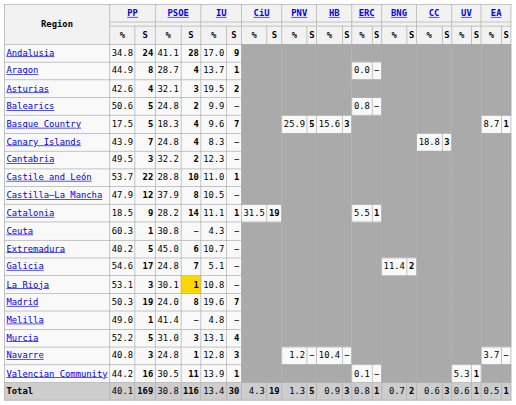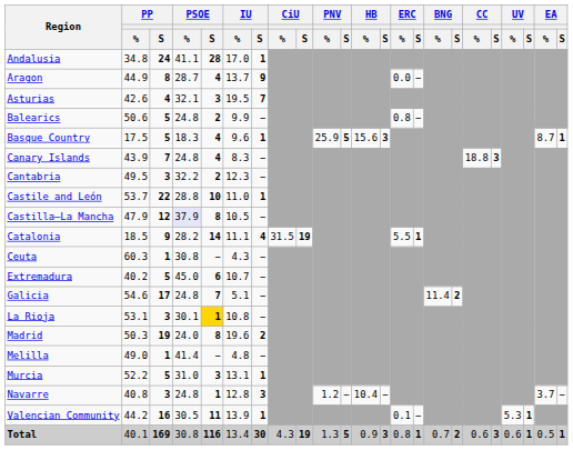 <table class="wikitable sortable" style="text-align:right; line-height:20px">
 <tr>
 <th rowspan="3">Region</th>
 <th colspan="2" width="30px" class="unsortable"><a href='#'>PP</a></th>
 <th colspan="2" width="30px" class="unsortable"><a href='#'>PSOE</a></th>
 <th colspan="2" width="30px" class="unsortable"><a href='#'>IU</a></th>
 <th colspan="2" width="30px" class="unsortable"><a href='#'>CiU</a></th>
 <th colspan="2" width="30px" class="unsortable"><a href='#'>PNV</a></th>
 <th colspan="2" width="30px" class="unsortable"><a href='#'>HB</a></th>
 <th colspan="2" width="30px" class="unsortable"><a href='#'>ERC</a></th>
 <th colspan="2" width="30px" class="unsortable"><a href='#'>BNG</a></th>
 <th colspan="2" width="30px" class="unsortable"><a href='#'>CC</a></th>
 <th colspan="2" width="30px" class="unsortable"><a href='#'>UV</a></th>
 <th colspan="2" width="30px" class="unsortable"><a href='#'>EA</a></th>
 </tr>
 <tr>
 <th colspan="2" style="background:"></th>
 <th colspan="2" style="background:"></th>
 <th colspan="2" style="background:"></th>
 <th colspan="2" style="background:"></th>
 <th colspan="2" style="background:"></th>
 <th colspan="2" style="background:"></th>
 <th colspan="2" style="background:"></th>
 <th colspan="2" style="background:"></th>
 <th colspan="2" style="background:"></th>
 <th colspan="2" style="background:"></th>
 <th colspan="2" style="background:"></th>
 </tr>
 <tr>
 <th data-sort-type="number">%</th>
 <th data-sort-type="number">S</th>
 <th data-sort-type="number">%</th>
 <th data-sort-type="number">S</th>
 <th data-sort-type="number">%</th>
 <th data-sort-type="number">S</th>
 <th data-sort-type="number">%</th>
 <th data-sort-type="number">S</th>
 <th data-sort-type="number">%</th>
 <th data-sort-type="number">S</th>
 <th data-sort-type="number">%</th>
 <th data-sort-type="number">S</th>
 <th data-sort-type="number">%</th>
 <th data-sort-type="number">S</th>
 <th data-sort-type="number">%</th>
 <th data-sort-type="number">S</th>
 <th data-sort-type="number">%</th>
 <th data-sort-type="number">S</th>
 <th data-sort-type="number">%</th>
 <th data-sort-type="number">S</th>
 <th data-sort-type="number">%</th>
 <th data-sort-type="number">S</th>
 </tr>
 <tr>
 <td align="left"><a href='#'>Andalusia</a></td>
 <td>34.8</td>
 <td><strong>24</strong></td>
 <td style="background:">41.1</td>
 <td><strong>28</strong></td>
 <td>17.0</td>
-<td><strong>9</strong></td>
+<td><strong>1</strong></td>
 <td colspan="2" rowspan="9" bgcolor="#AAAAAA"></td>
 <td colspan="2" rowspan="4" bgcolor="#AAAAAA"></td>
 <td colspan="2" rowspan="4" bgcolor="#AAAAAA"></td>
 <td colspan="2" bgcolor="#AAAAAA"></td>
 <td colspan="2" rowspan="12" bgcolor="#AAAAAA"></td>
 <td colspan="2" rowspan="5" bgcolor="#AAAAAA"></td>
 <td colspan="2" rowspan="18" bgcolor="#AAAAAA"></td>
 <td colspan="2" rowspan="4" bgcolor="#AAAAAA"></td>
 </tr>
 <tr>
 <td align="left"><a href='#'>Aragon</a></td>
 <td style="background:">44.9</td>
 <td><strong>8</strong></td>
 <td>28.7</td>
 <td><strong>4</strong></td>
 <td>13.7</td>
-<td><strong>1</strong></td>
+<td><strong>9</strong></td>
 <td>0.0</td>
 <td>−</td>
 </tr>
 <tr>
 <td align="left"><a href='#'>Asturias</a></td>
 <td style="background:">42.6</td>
 <td><strong>4</strong></td>
 <td>32.1</td>
 <td><strong>3</strong></td>
 <td>19.5</td>
-<td><strong>2</strong></td>
+<td><strong>7</strong></td>
 <td colspan="2" bgcolor="#AAAAAA"></td>
 </tr>
 <tr>
 <td align="left"><a href='#'>Balearics</a></td>
 <td style="background:">50.6</td>
 <td><strong>5</strong></td>
 <td>24.8</td>
 <td><strong>2</strong></td>
 <td>9.9</td>
 <td>−</td>
 <td>0.8</td>
 <td>−</td>
 </tr>
 <tr>
 <td align="left"><a href='#'>Basque Country</a></td>
 <td>17.5</td>
 <td><strong>5</strong></td>
 <td>18.3</td>
 <td><strong>4</strong></td>
 <td>9.6</td>
-<td><strong>7</strong></td>
+<td><strong>1</strong></td>
 <td style="background:">25.9</td>
 <td><strong>5</strong></td>
 <td>15.6</td>
 <td><strong>3</strong></td>
 <td colspan="2" rowspan="5" bgcolor="#AAAAAA"></td>
 <td>8.7</td>
 <td><strong>1</strong></td>
 </tr>
 <tr>
 <td align="left"><a href='#'>Canary Islands</a></td>
 <td style="background:">43.9</td>
 <td><strong>7</strong></td>
 <td>24.8</td>
 <td><strong>4</strong></td>
 <td>8.3</td>
 <td>−</td>
 <td colspan="2" rowspan="12" bgcolor="#AAAAAA"></td>
 <td colspan="2" rowspan="12" bgcolor="#AAAAAA"></td>
 <td>18.8</td>
 <td><strong>3</strong></td>
 <td colspan="2" rowspan="12" bgcolor="#AAAAAA"></td>
 </tr>
 <tr>
 <td align="left"><a href='#'>Cantabria</a></td>
 <td style="background:">49.5</td>
 <td><strong>3</strong></td>
 <td>32.2</td>
 <td><strong>2</strong></td>
 <td>12.3</td>
 <td>−</td>
 <td colspan="2" rowspan="13" bgcolor="#AAAAAA"></td>
 </tr>
 <tr>
 <td align="left"><a href='#'>Castile and León</a></td>
 <td style="background:">53.7</td>
 <td><strong>22</strong></td>
 <td>28.8</td>
 <td><strong>10</strong></td>
 <td>11.0</td>
 <td><strong>1</strong></td>
 </tr>
 <tr>
 <td align="left"><a href='#'>Castilla–La Mancha</a></td>
 <td style="background:">47.9</td>
 <td><strong>12</strong></td>
-<td>37.9</td>
+<td style="background: lavender;">37.9</td>
 <td><strong>8</strong></td>
 <td>10.5</td>
 <td>−</td>
 </tr>
 <tr>
 <td align="left"><a href='#'>Catalonia</a></td>
 <td>18.5</td>
 <td><strong>9</strong></td>
 <td>28.2</td>
 <td><strong>14</strong></td>
 <td>11.1</td>
-<td><strong>1</strong></td>
+<td><strong>4</strong></td>
 <td style="background:">31.5</td>
 <td><strong>19</strong></td>
 <td>5.5</td>
 <td><strong>1</strong></td>
 </tr>
 <tr>
 <td align="left"><a href='#'>Ceuta</a></td>
 <td style="background:">60.3</td>
 <td><strong>1</strong></td>
 <td>30.8</td>
 <td>−</td>
 <td>4.3</td>
 <td>−</td>
 <td colspan="2" rowspan="9" bgcolor="#AAAAAA"></td>
 <td colspan="2" rowspan="8" bgcolor="#AAAAAA"></td>
 </tr>
 <tr>
 <td align="left"><a href='#'>Extremadura</a></td>
 <td>40.2</td>
 <td><strong>5</strong></td>
 <td style="background:">45.0</td>
 <td><strong>6</strong></td>
 <td>10.7</td>
 <td>−</td>
 </tr>
 <tr>
 <td align="left"><a href='#'>Galicia</a></td>
 <td style="background:">54.6</td>
 <td><strong>17</strong></td>
 <td>24.8</td>
 <td><strong>7</strong></td>
 <td>5.1</td>
 <td>−</td>
 <td>11.4</td>
 <td><strong>2</strong></td>
 </tr>
 <tr>
 <td align="left"><a href='#'>La Rioja</a></td>
 <td style="background:">53.1</td>
 <td><strong>3</strong></td>
 <td>30.1</td>
 <td style="background: gold;"><strong>1</strong></td>
 <td>10.8</td>
 <td>−</td>
 <td colspan="2" rowspan="6" bgcolor="#AAAAAA"></td>
 </tr>
 <tr>
 <td align="left"><a href='#'>Madrid</a></td>
 <td style="background:">50.3</td>
 <td><strong>19</strong></td>
 <td>24.0</td>
 <td><strong>8</strong></td>
 <td>19.6</td>
-<td><strong>7</strong></td>
+<td><strong>2</strong></td>
 </tr>
 <tr>
 <td align="left"><a href='#'>Melilla</a></td>
 <td style="background:">49.0</td>
 <td><strong>1</strong></td>
 <td>41.4</td>
 <td>−</td>
 <td>4.8</td>
 <td>−</td>
 </tr>
 <tr>
 <td align="left"><a href='#'>Murcia</a></td>
 <td style="background:">52.2</td>
 <td><strong>5</strong></td>
 <td>31.0</td>
 <td><strong>3</strong></td>
 <td>13.1</td>
-<td><strong>4</strong></td>
+<td><strong>1</strong></td>
 </tr>
 <tr>
 <td align="left"><a href='#'>Navarre</a></td>
 <td style="background:">40.8</td>
 <td><strong>3</strong></td>
 <td>24.8</td>
 <td><strong>1</strong></td>
 <td>12.8</td>
 <td><strong>3</strong></td>
 <td>1.2</td>
 <td>−</td>
 <td>10.4</td>
 <td>−</td>
 <td>3.7</td>
 <td>−</td>
 </tr>
 <tr>
 <td align="left"><a href='#'>Valencian Community</a></td>
 <td style="background:">44.2</td>
 <td><strong>16</strong></td>
 <td>30.5</td>
 <td><strong>11</strong></td>
 <td>13.9</td>
 <td><strong>1</strong></td>
 <td colspan="2" bgcolor="#AAAAAA"></td>
 <td colspan="2" bgcolor="#AAAAAA"></td>
 <td>0.1</td>
 <td>−</td>
 <td>5.3</td>
 <td><strong>1</strong></td>
 <td colspan="2" bgcolor="#AAAAAA"></td>
 </tr>
 <tr style="background:#CDCDCD;">
 <td align="left"><strong>Total</strong></td>
 <td style="background:">40.1</td>
 <td><strong>169</strong></td>
 <td>30.8</td>
 <td><strong>116</strong></td>
 <td>13.4</td>
 <td><strong>30</strong></td>
 <td>4.3</td>
 <td><strong>19</strong></td>
 <td>1.3</td>
 <td><strong>5</strong></td>
 <td>0.9</td>
 <td><strong>3</strong></td>
 <td>0.8</td>
 <td><strong>1</strong></td>
 <td>0.7</td>
 <td><strong>2</strong></td>
 <td>0.6</td>
 <td><strong>3</strong></td>
 <td>0.6</td>
 <td><strong>1</strong></td>
 <td>0.5</td>
 <td><strong>1</strong></td>
 </tr>
 </table>
